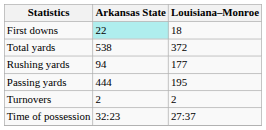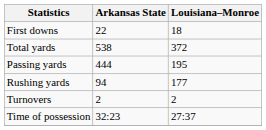 <table class="wikitable">
 <tr>
 <th>Statistics</th>
 <th>Arkansas State</th>
 <th>Louisiana–Monroe</th>
 </tr>
 <tr>
 <td>First downs</td>
-<td style="background: paleturquoise;">22</td>
+<td>22</td>
 <td>18</td>
 </tr>
 <tr>
 <td>Total yards</td>
 <td>538</td>
 <td>372</td>
 </tr>
 <tr>
+<td>Passing yards</td>
+<td>444</td>
+<td>195</td>
+</tr>
+<tr>
 <td>Rushing yards</td>
 <td>94</td>
 <td>177</td>
-</tr>
-<tr>
-<td>Passing yards</td>
-<td>444</td>
-<td>195</td>
 </tr>
 <tr>
 <td>Turnovers</td>
 <td>2</td>
 <td>2</td>
 </tr>
 <tr>
 <td>Time of possession</td>
 <td>32:23</td>
 <td>27:37</td>
 </tr>
 <tr>
 </tr>
 </table>
